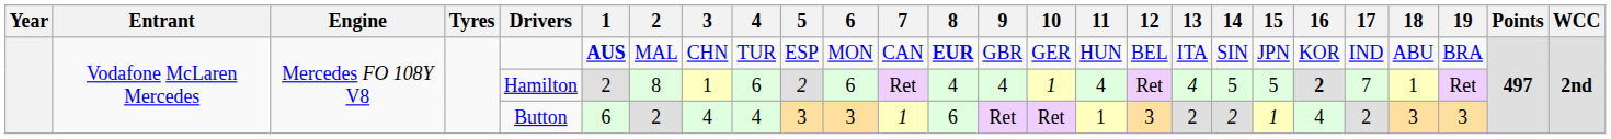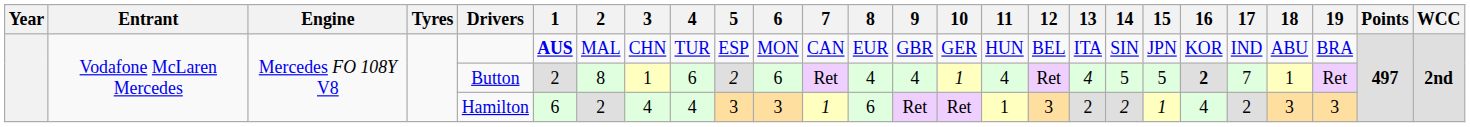 <table class="wikitable" style="text-align:center; font-size:95%">
 <tr>
 <th>Year</th>
 <th>Entrant</th>
 <th>Engine</th>
 <th>Tyres</th>
 <th>Drivers</th>
 <th>1</th>
 <th>2</th>
 <th>3</th>
 <th>4</th>
 <th>5</th>
 <th>6</th>
 <th>7</th>
 <th>8</th>
 <th>9</th>
 <th>10</th>
 <th>11</th>
 <th>12</th>
 <th>13</th>
 <th>14</th>
 <th>15</th>
 <th>16</th>
 <th>17</th>
 <th>18</th>
 <th>19</th>
 <th>Points</th>
 <th>WCC</th>
 </tr>
 <tr>
 <th rowspan=3></th>
 <td rowspan=3><a href='#'>Vodafone</a> <a href='#'>McLaren</a> <a href='#'>Mercedes</a></td>
 <td rowspan=3><a href='#'>Mercedes</a> <em>FO 108Y</em> <a href='#'>V8</a></td>
 <td rowspan=3></td>
 <td></td>
 <td><strong><a href='#'>AUS</a></strong></td>
 <td><a href='#'>MAL</a></td>
 <td><a href='#'>CHN</a></td>
 <td><a href='#'>TUR</a></td>
 <td><a href='#'>ESP</a></td>
 <td><a href='#'>MON</a></td>
 <td><a href='#'>CAN</a></td>
-<td><strong><a href='#'>EUR</a></strong></td>
+<td><a href='#'>EUR</a></td>
 <td><a href='#'>GBR</a></td>
 <td><a href='#'>GER</a></td>
 <td><a href='#'>HUN</a></td>
 <td><a href='#'>BEL</a></td>
 <td><a href='#'>ITA</a></td>
 <td><a href='#'>SIN</a></td>
 <td><a href='#'>JPN</a></td>
 <td><a href='#'>KOR</a></td>
 <td><a href='#'>IND</a></td>
 <td><a href='#'>ABU</a></td>
 <td><a href='#'>BRA</a></td>
 <td rowspan=3 style="background-color:#DFDFDF"><strong>497</strong></td>
 <td rowspan=3 style="background-color:#DFDFDF"><strong>2nd</strong></td>
 </tr>
 <tr>
-<td><a href='#'>Hamilton</a></td>
+<td><a href='#'>Button</a></td>
 <td style="background-color:#DFDFDF">2</td>
 <td style="background-color:#DFFFDF">8</td>
 <td style="background-color:#ffffbf">1</td>
 <td style="background-color:#DFFFDF">6</td>
 <td style="background-color:#DFDFDF"><em>2</em></td>
 <td style="background-color:#DFFFDF">6</td>
 <td style="background-color:#efcfff">Ret</td>
 <td style="background-color:#DFFFDF">4</td>
 <td style="background-color:#DFFFDF">4</td>
 <td style="background-color:#ffffbf"><em>1</em></td>
 <td style="background-color:#DFFFDF">4</td>
 <td style="background-color:#efcfff">Ret</td>
 <td style="background-color:#DFFFDF"><em>4</em></td>
 <td style="background-color:#DFFFDF">5</td>
 <td style="background-color:#DFFFDF">5</td>
 <td style="background-color:#DFDFDF"><strong>2</strong></td>
 <td style="background-color:#DFFFDF">7</td>
 <td style="background-color:#ffffbf">1</td>
 <td style="background-color:#efcfff">Ret</td>
 </tr>
 <tr>
-<td><a href='#'>Button</a></td>
+<td><a href='#'>Hamilton</a></td>
 <td style="background-color:#DFFFDF">6</td>
 <td style="background-color:#DFDFDF">2</td>
 <td style="background-color:#DFFFDF">4</td>
 <td style="background-color:#DFFFDF">4</td>
 <td style="background-color:#ffdf9f">3</td>
 <td style="background-color:#ffdf9f">3</td>
 <td style="background-color:#ffffbf"><em>1</em></td>
 <td style="background-color:#DFFFDF">6</td>
 <td style="background-color:#efcfff">Ret</td>
 <td style="background-color:#efcfff">Ret</td>
 <td style="background-color:#ffffbf">1</td>
 <td style="background-color:#ffdf9f">3</td>
 <td style="background-color:#DFDFDF">2</td>
 <td style="background-color:#DFDFDF"><em>2</em></td>
 <td style="background-color:#ffffbf"><em>1</em></td>
 <td style="background-color:#DFFFDF">4</td>
 <td style="background-color:#DFDFDF">2</td>
 <td style="background-color:#ffdf9f">3</td>
 <td style="background-color:#ffdf9f">3</td>
 </tr>
 </table>
